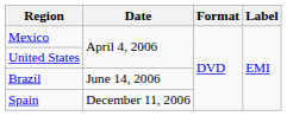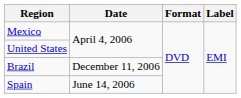 <table class="wikitable">
 <tr>
 <th>Region</th>
 <th>Date</th>
 <th>Format</th>
 <th>Label</th>
 </tr>
 <tr>
 <td><a href='#'>Mexico</a></td>
 <td rowspan="2">April 4, 2006</td>
 <td rowspan="4"><a href='#'>DVD</a></td>
 <td rowspan="4"><a href='#'>EMI</a></td>
 </tr>
 <tr>
 <td><a href='#'>United States</a></td>
 </tr>
 <tr>
 <td><a href='#'>Brazil</a></td>
-<td style="text-align:left;">June 14, 2006</td>
+<td style="text-align:left;">December 11, 2006</td>
 </tr>
 <tr>
 <td><a href='#'>Spain</a></td>
-<td style="text-align:left;">December 11, 2006</td>
+<td style="text-align:left;">June 14, 2006</td>
 </tr>
 </table>
